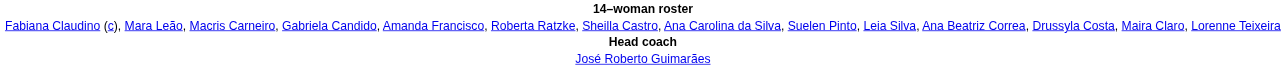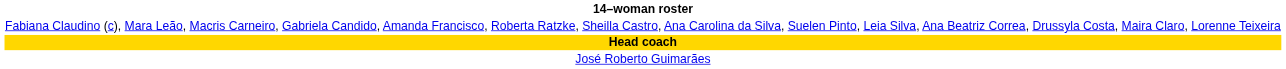 <table style="text-align: center; margin-top: 2em; margin-left: auto; margin-right: auto">
 <tr>
 <td><strong>14–woman roster</strong></td>
 </tr>
 <tr>
 <td><a href='#'>Fabiana Claudino</a> (<a href='#'>c</a>), <a href='#'>Mara Leão</a>, <a href='#'>Macris Carneiro</a>, <a href='#'>Gabriela Candido</a>, <a href='#'>Amanda Francisco</a>, <a href='#'>Roberta Ratzke</a>, <a href='#'>Sheilla Castro</a>, <a href='#'>Ana Carolina da Silva</a>, <a href='#'>Suelen Pinto</a>, <a href='#'>Leia Silva</a>, <a href='#'>Ana Beatriz Correa</a>, <a href='#'>Drussyla Costa</a>, <a href='#'>Maira Claro</a>, <a href='#'>Lorenne Teixeira</a></td>
 </tr>
 <tr>
-<td><strong>Head coach</strong></td>
+<td style="background: gold;"><strong>Head coach</strong></td>
 </tr>
 <tr>
 <td><a href='#'>José Roberto Guimarães</a></td>
 </tr>
 </table>
